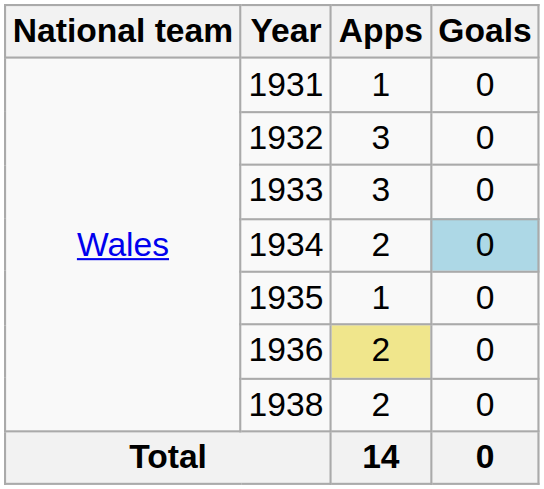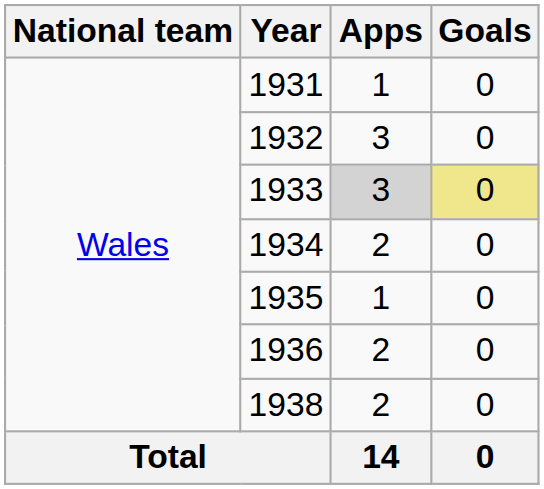 <table class=wikitable style="text-align: center">
 <tr>
 <th>National team</th>
 <th>Year</th>
 <th>Apps</th>
 <th>Goals</th>
 </tr>
 <tr>
 <td rowspan=7><a href='#'>Wales</a></td>
 <td>1931</td>
 <td>1</td>
 <td>0</td>
 </tr>
 <tr>
 <td>1932</td>
 <td>3</td>
 <td>0</td>
 </tr>
 <tr>
 <td>1933</td>
-<td>3</td>
-<td>0</td>
+<td style="background: lightgrey;">3</td>
+<td style="background: khaki;">0</td>
 </tr>
 <tr>
 <td>1934</td>
 <td>2</td>
-<td style="background: lightblue;">0</td>
+<td>0</td>
 </tr>
 <tr>
 <td>1935</td>
 <td>1</td>
 <td>0</td>
 </tr>
 <tr>
 <td>1936</td>
-<td style="background: khaki;">2</td>
+<td>2</td>
 <td>0</td>
 </tr>
 <tr>
 <td>1938</td>
 <td>2</td>
 <td>0</td>
 </tr>
 <tr>
 <th colspan=2>Total</th>
 <th>14</th>
 <th>0</th>
 </tr>
 </table>
